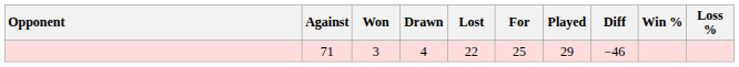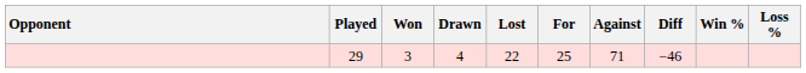 <table class="wikitable sortable" style="text-align:center;">
 <tr>
 <th style="width:350px; text-align:left;">Opponent</th>
-<th style="width:50px;">Against</th>
+<th style="width:50px;">Played</th>
 <th style="width:50px;">Won</th>
 <th style="width:50px;">Drawn</th>
 <th style="width:50px;">Lost</th>
 <th style="width:50px;">For</th>
-<th style="width:50px;">Played</th>
+<th style="width:50px;">Against</th>
 <th style="width:50px;">Diff</th>
 <th style="width:50px;">Win %</th>
 <th style="width:50px;">Loss %</th>
 </tr>
 <tr bgcolor=#ffdddd>
 <td style="text-align:left;"><strong><br></strong></td>
-<td>71</td>
+<td>29</td>
 <td>3</td>
 <td>4</td>
 <td>22</td>
 <td>25</td>
-<td>29</td>
+<td>71</td>
 <td>−46</td>
 <td></td>
 <td></td>
 </tr>
 </table>
